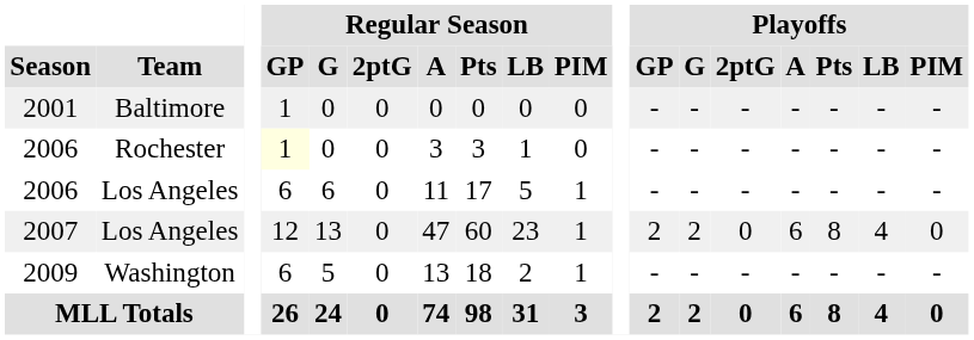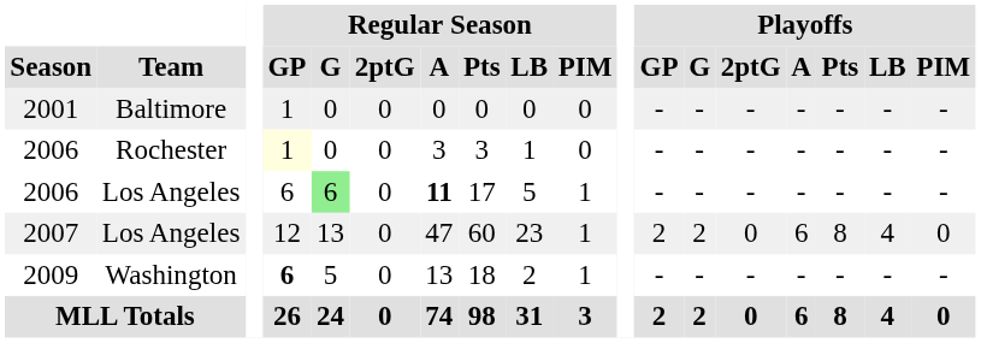 <table BORDER="0" CELLPADDING="3" CELLSPACING="0">
 <tr ALIGN="center" bgcolor="#e0e0e0">
 <th colspan="2" bgcolor="#ffffff"> </th>
 <th rowspan="99" bgcolor="#ffffff"> </th>
 <th colspan="7">Regular Season</th>
 <th rowspan="99" bgcolor="#ffffff"> </th>
 <th colspan="7">Playoffs</th>
 </tr>
 <tr ALIGN="center" bgcolor="#e0e0e0">
 <th>Season</th>
 <th>Team</th>
 <th>GP</th>
 <th>G</th>
 <th>2ptG</th>
 <th>A</th>
 <th>Pts</th>
 <th>LB</th>
 <th>PIM</th>
 <th>GP</th>
 <th>G</th>
 <th>2ptG</th>
 <th>A</th>
 <th>Pts</th>
 <th>LB</th>
 <th>PIM</th>
 </tr>
 <tr ALIGN="center" bgcolor="#f0f0f0">
 <td>2001</td>
 <td>Baltimore</td>
 <td>1</td>
 <td>0</td>
 <td>0</td>
 <td>0</td>
 <td>0</td>
 <td>0</td>
 <td>0</td>
 <td>-</td>
 <td>-</td>
 <td>-</td>
 <td>-</td>
 <td>-</td>
 <td>-</td>
 <td>-</td>
 </tr>
 <tr ALIGN="center">
 <td>2006</td>
 <td>Rochester</td>
 <td style="background: lightyellow;">1</td>
 <td>0</td>
 <td>0</td>
 <td>3</td>
 <td>3</td>
 <td>1</td>
 <td>0</td>
 <td>-</td>
 <td>-</td>
 <td>-</td>
 <td>-</td>
 <td>-</td>
 <td>-</td>
 <td>-</td>
 </tr>
 <tr ALIGN="center">
 <td>2006</td>
 <td>Los Angeles</td>
 <td>6</td>
-<td>6</td>
+<td style="background: lightgreen;">6</td>
 <td>0</td>
-<td>11</td>
+<td><strong>11</strong></td>
 <td>17</td>
 <td>5</td>
 <td>1</td>
 <td>-</td>
 <td>-</td>
 <td>-</td>
 <td>-</td>
 <td>-</td>
 <td>-</td>
 <td>-</td>
 </tr>
 <tr ALIGN="center" bgcolor="#f0f0f0">
 <td>2007</td>
 <td>Los Angeles</td>
 <td>12</td>
 <td>13</td>
 <td>0</td>
 <td>47</td>
 <td>60</td>
 <td>23</td>
 <td>1</td>
 <td>2</td>
 <td>2</td>
 <td>0</td>
 <td>6</td>
 <td>8</td>
 <td>4</td>
 <td>0</td>
 </tr>
 <tr ALIGN="center">
 <td>2009</td>
 <td>Washington</td>
-<td>6</td>
+<td><strong>6</strong></td>
 <td>5</td>
 <td>0</td>
 <td>13</td>
 <td>18</td>
 <td>2</td>
 <td>1</td>
 <td>-</td>
 <td>-</td>
 <td>-</td>
 <td>-</td>
 <td>-</td>
 <td>-</td>
 <td>-</td>
 </tr>
 <tr ALIGN="center" bgcolor="#e0e0e0">
 <th colspan="2">MLL Totals</th>
 <th>26</th>
 <th>24</th>
 <th>0</th>
 <th>74</th>
 <th>98</th>
 <th>31</th>
 <th>3</th>
 <th>2</th>
 <th>2</th>
 <th>0</th>
 <th>6</th>
 <th>8</th>
 <th>4</th>
 <th>0</th>
 </tr>
 </table>
